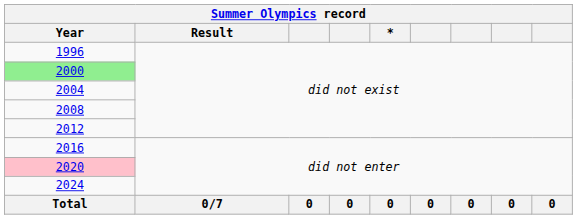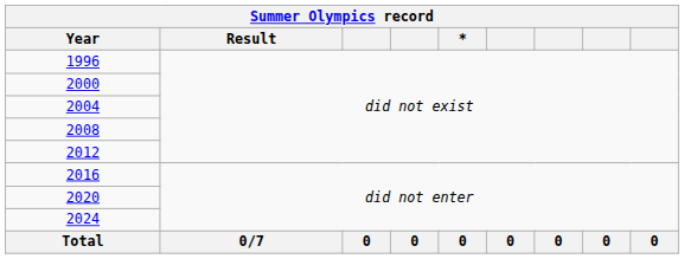 <table class="wikitable" style="text-align: center; width:50%;">
 <tr>
 <th colspan=10><a href='#'>Summer Olympics</a> record</th>
 </tr>
 <tr>
 <th>Year</th>
 <th>Result</th>
 <th></th>
 <th></th>
 <th>*</th>
 <th></th>
 <th></th>
 <th></th>
 <th></th>
 </tr>
 <tr>
 <td> <a href='#'>1996</a></td>
 <td rowspan=5 colspan=8><em>did not exist</em></td>
 </tr>
 <tr>
-<td style="background: lightgreen;"> <a href='#'>2000</a></td>
+<td> <a href='#'>2000</a></td>
 </tr>
 <tr>
 <td> <a href='#'>2004</a></td>
 </tr>
 <tr>
 <td> <a href='#'>2008</a></td>
 </tr>
 <tr>
 <td> <a href='#'>2012</a></td>
 </tr>
 <tr>
 <td> <a href='#'>2016</a></td>
 <td rowspan=3 colspan=8><em>did not enter</em></td>
 </tr>
 <tr>
-<td style="background: pink;"> <a href='#'>2020</a></td>
+<td> <a href='#'>2020</a></td>
 </tr>
 <tr>
 <td> <a href='#'>2024</a></td>
 </tr>
 <tr>
 <th>Total</th>
 <th>0/7</th>
 <th>0</th>
 <th>0</th>
 <th>0</th>
 <th>0</th>
 <th>0</th>
 <th>0</th>
 <th>0</th>
 </tr>
 </table>
